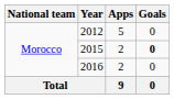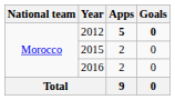 <table class="wikitable" style="text-align: center;">
 <tr>
 <th>National team</th>
 <th>Year</th>
 <th>Apps</th>
 <th>Goals</th>
 </tr>
 <tr>
 <td rowspan="3"><a href='#'>Morocco</a></td>
 <td>2012</td>
-<td>5</td>
-<td>0</td>
+<td><strong>5</strong></td>
+<td><strong>0</strong></td>
 </tr>
 <tr>
 <td>2015</td>
 <td>2</td>
-<td><strong>0</strong></td>
+<td>0</td>
 </tr>
 <tr>
 <td>2016</td>
 <td>2</td>
 <td>0</td>
 </tr>
 <tr>
 <th colspan=2>Total</th>
 <th>9</th>
 <th>0</th>
 </tr>
 </table>
